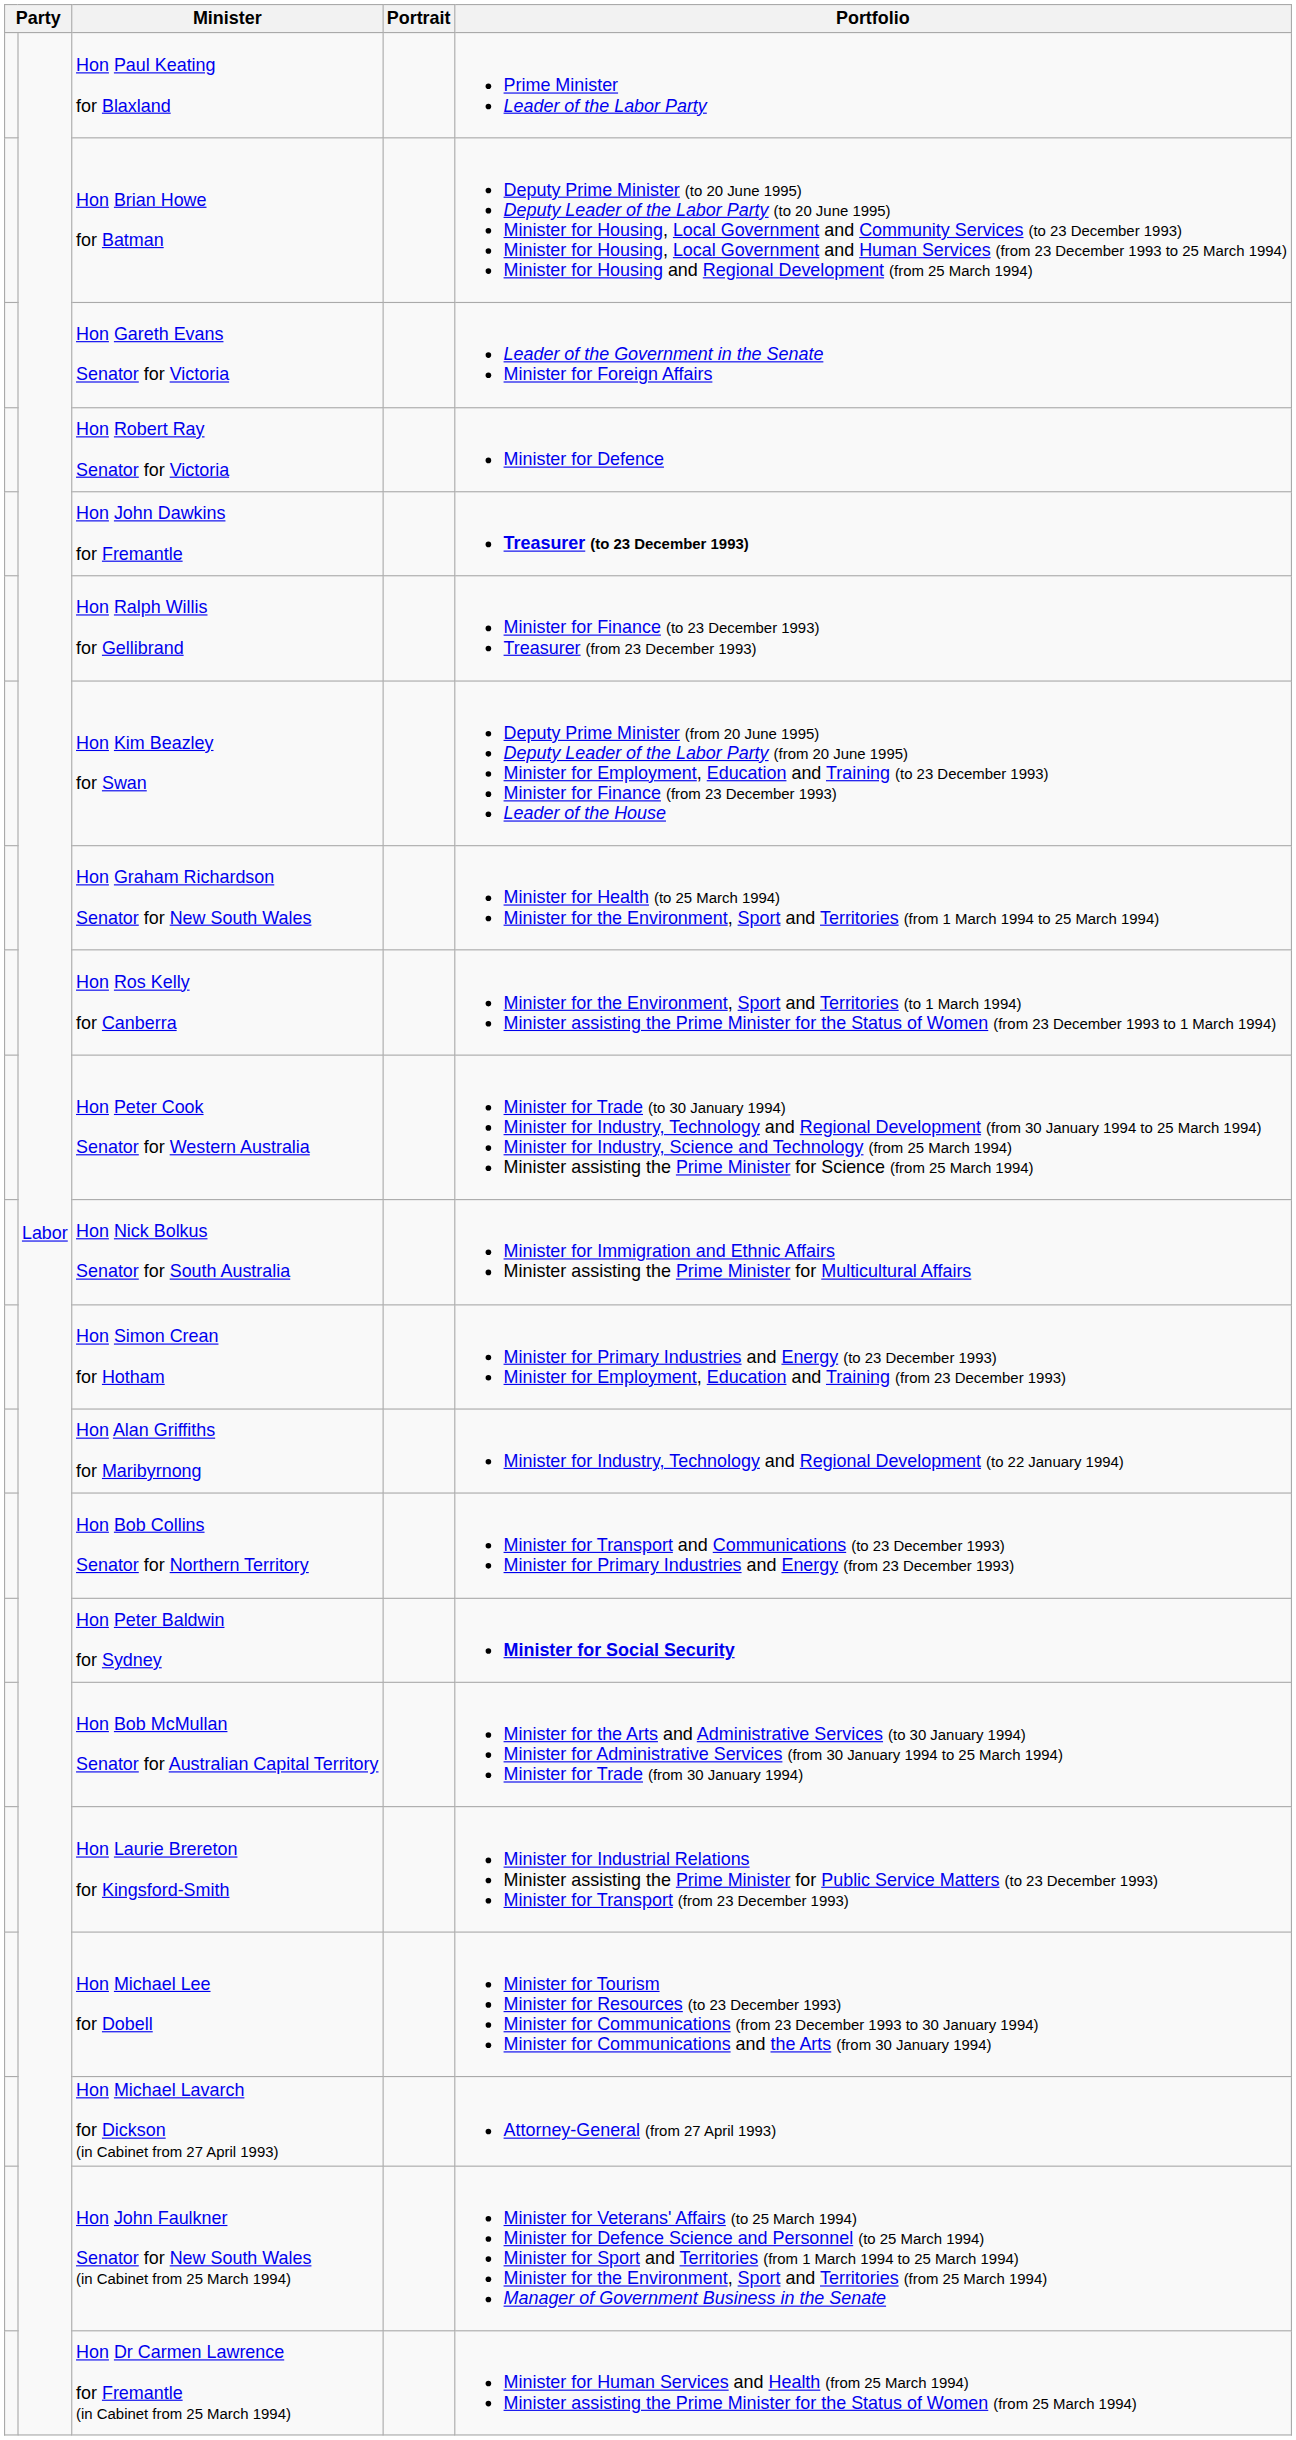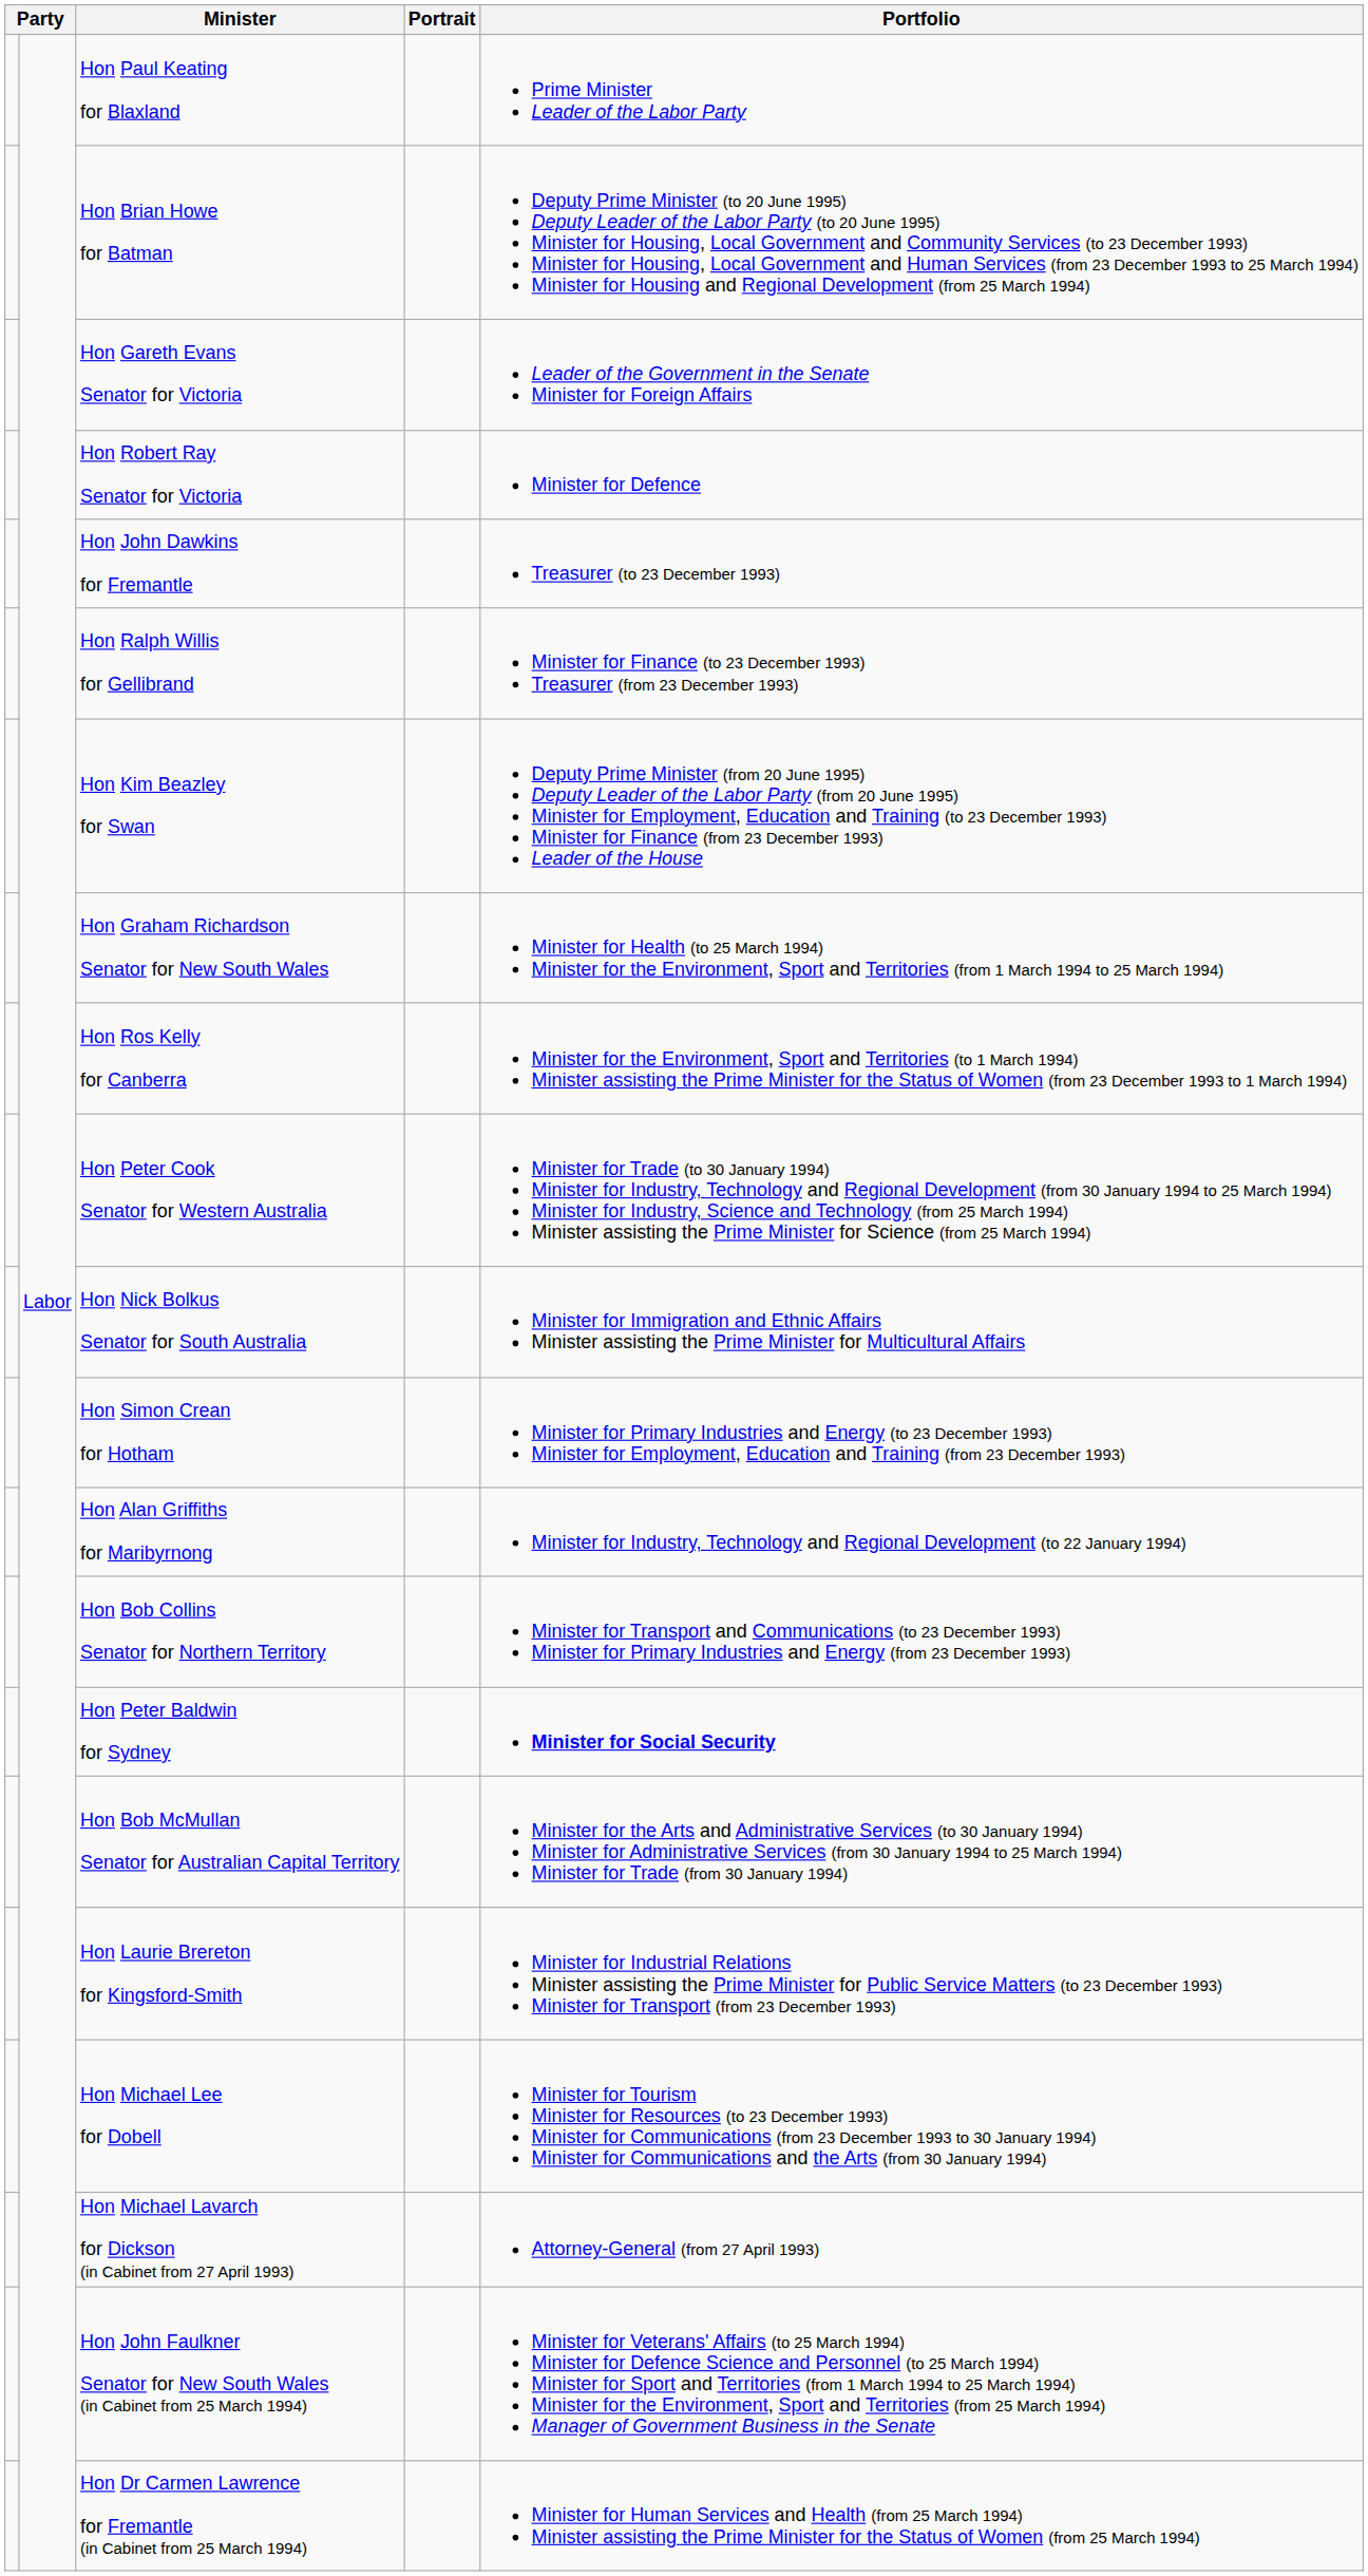 <table class="wikitable sortable">
 <tr>
 <th colspan="2">Party</th>
 <th>Minister</th>
 <th>Portrait</th>
 <th>Portfolio</th>
 </tr>
 <tr>
 <td> </td>
 <td rowspan=21><a href='#'>Labor</a></td>
 <td><a href='#'>Hon</a> <a href='#'>Paul Keating</a> <br><br> for <a href='#'>Blaxland</a> <br></td>
 <td></td>
 <td><br><ul><li><a href='#'>Prime Minister</a></li><li><em><a href='#'>Leader of the Labor Party</a></em></li></ul></td>
 </tr>
 <tr>
 <td> </td>
 <td><a href='#'>Hon</a> <a href='#'>Brian Howe</a> <br><br> for <a href='#'>Batman</a> <br></td>
 <td></td>
 <td><br><ul><li><a href='#'>Deputy Prime Minister</a> <small>(to 20 June 1995)</small></li><li><em><a href='#'>Deputy Leader of the Labor Party</a></em> <small>(to 20 June 1995)</small></li><li><a href='#'>Minister for Housing</a>, <a href='#'>Local Government</a> and <a href='#'>Community Services</a> <small>(to 23 December 1993)</small></li><li><a href='#'>Minister for Housing</a>, <a href='#'>Local Government</a> and <a href='#'>Human Services</a> <small>(from 23 December 1993 to 25 March 1994)</small></li><li><a href='#'>Minister for Housing</a> and <a href='#'>Regional Development</a> <small>(from 25 March 1994)</small></li></ul></td>
 </tr>
 <tr>
 <td> </td>
 <td><a href='#'>Hon</a> <a href='#'>Gareth Evans</a>  <br><br><a href='#'>Senator</a> for <a href='#'>Victoria</a> <br></td>
 <td></td>
 <td><br><ul><li><em><a href='#'>Leader of the Government in the Senate</a></em></li><li><a href='#'>Minister for Foreign Affairs</a></li></ul></td>
 </tr>
 <tr>
 <td> </td>
 <td><a href='#'>Hon</a> <a href='#'>Robert Ray</a> <br><br><a href='#'>Senator</a> for <a href='#'>Victoria</a> <br></td>
 <td></td>
 <td><br><ul><li><a href='#'>Minister for Defence</a></li></ul></td>
 </tr>
 <tr>
 <td> </td>
 <td><a href='#'>Hon</a> <a href='#'>John Dawkins</a> <br><br> for <a href='#'>Fremantle</a> <br></td>
 <td></td>
-<td><strong><br><ul><li><a href='#'>Treasurer</a> <small>(to 23 December 1993)</small></li></ul></strong></td>
+<td><br><ul><li><a href='#'>Treasurer</a> <small>(to 23 December 1993)</small></li></ul></td>
 </tr>
 <tr>
 <td> </td>
 <td><a href='#'>Hon</a> <a href='#'>Ralph Willis</a> <br><br> for <a href='#'>Gellibrand</a> <br></td>
 <td></td>
 <td><br><ul><li><a href='#'>Minister for Finance</a> <small>(to 23 December 1993)</small></li><li><a href='#'>Treasurer</a> <small>(from 23 December 1993)</small></li></ul></td>
 </tr>
 <tr>
 <td> </td>
 <td><a href='#'>Hon</a> <a href='#'>Kim Beazley</a> <br><br> for <a href='#'>Swan</a> <br></td>
 <td></td>
 <td><br><ul><li><a href='#'>Deputy Prime Minister</a> <small>(from 20 June 1995)</small></li><li><em><a href='#'>Deputy Leader of the Labor Party</a></em> <small>(from 20 June 1995)</small></li><li><a href='#'>Minister for Employment</a>, <a href='#'>Education</a> and <a href='#'>Training</a> <small>(to 23 December 1993)</small></li><li><a href='#'>Minister for Finance</a> <small>(from 23 December 1993)</small></li><li><em><a href='#'>Leader of the House</a></em></li></ul></td>
 </tr>
 <tr>
 <td> </td>
 <td><a href='#'>Hon</a> <a href='#'>Graham Richardson</a> <br><br><a href='#'>Senator</a> for <a href='#'>New South Wales</a> <br></td>
 <td></td>
 <td><br><ul><li><a href='#'>Minister for Health</a> <small>(to 25 March 1994)</small></li><li><a href='#'>Minister for the Environment</a>, <a href='#'>Sport</a> and <a href='#'>Territories</a> <small>(from 1 March 1994 to 25 March 1994)</small></li></ul></td>
 </tr>
 <tr>
 <td> </td>
 <td><a href='#'>Hon</a> <a href='#'>Ros Kelly</a> <br><br> for <a href='#'>Canberra</a> <br></td>
 <td></td>
 <td><br><ul><li><a href='#'>Minister for the Environment</a>, <a href='#'>Sport</a> and <a href='#'>Territories</a> <small>(to 1 March 1994)</small></li><li><a href='#'>Minister assisting the Prime Minister for the Status of Women</a> <small>(from 23 December 1993 to 1 March 1994)</small></li></ul></td>
 </tr>
 <tr>
 <td> </td>
 <td><a href='#'>Hon</a> <a href='#'>Peter Cook</a> <br><br><a href='#'>Senator</a> for <a href='#'>Western Australia</a> <br></td>
 <td></td>
 <td><br><ul><li><a href='#'>Minister for Trade</a> <small>(to 30 January 1994)</small></li><li><a href='#'>Minister for Industry, Technology</a> and <a href='#'>Regional Development</a> <small>(from 30 January 1994 to 25 March 1994)</small></li><li><a href='#'>Minister for Industry, Science and Technology</a> <small>(from 25 March 1994)</small></li><li>Minister assisting the <a href='#'>Prime Minister</a> for Science <small>(from 25 March 1994)</small></li></ul></td>
 </tr>
 <tr>
 <td> </td>
 <td><a href='#'>Hon</a> <a href='#'>Nick Bolkus</a> <br><br><a href='#'>Senator</a> for <a href='#'>South Australia</a> <br></td>
 <td></td>
 <td><br><ul><li><a href='#'>Minister for Immigration and Ethnic Affairs</a></li><li>Minister assisting the <a href='#'>Prime Minister</a> for <a href='#'>Multicultural Affairs</a></li></ul></td>
 </tr>
 <tr>
 <td> </td>
 <td><a href='#'>Hon</a> <a href='#'>Simon Crean</a> <br><br> for <a href='#'>Hotham</a> <br></td>
 <td></td>
 <td><br><ul><li><a href='#'>Minister for Primary Industries</a> and <a href='#'>Energy</a> <small>(to 23 December 1993)</small></li><li><a href='#'>Minister for Employment</a>, <a href='#'>Education</a> and <a href='#'>Training</a> <small>(from 23 December 1993)</small></li></ul></td>
 </tr>
 <tr>
 <td> </td>
 <td><a href='#'>Hon</a> <a href='#'>Alan Griffiths</a> <br><br> for <a href='#'>Maribyrnong</a> <br></td>
 <td></td>
 <td><br><ul><li><a href='#'>Minister for Industry, Technology</a> and <a href='#'>Regional Development</a> <small>(to 22 January 1994)</small></li></ul></td>
 </tr>
 <tr>
 <td> </td>
 <td><a href='#'>Hon</a> <a href='#'>Bob Collins</a> <br><br><a href='#'>Senator</a> for <a href='#'>Northern Territory</a> <br></td>
 <td></td>
 <td><br><ul><li><a href='#'>Minister for Transport</a> and <a href='#'>Communications</a> <small>(to 23 December 1993)</small></li><li><a href='#'>Minister for Primary Industries</a> and <a href='#'>Energy</a> <small>(from 23 December 1993)</small></li></ul></td>
 </tr>
 <tr>
 <td> </td>
 <td><a href='#'>Hon</a> <a href='#'>Peter Baldwin</a> <br><br> for <a href='#'>Sydney</a> <br></td>
 <td></td>
 <td><strong><br><ul><li><a href='#'>Minister for Social Security</a></li></ul></strong></td>
 </tr>
 <tr>
 <td> </td>
 <td><a href='#'>Hon</a> <a href='#'>Bob McMullan</a> <br><br><a href='#'>Senator</a> for <a href='#'>Australian Capital Territory</a> <br></td>
 <td></td>
 <td><br><ul><li><a href='#'>Minister for the Arts</a> and <a href='#'>Administrative Services</a> <small>(to 30 January 1994)</small></li><li><a href='#'>Minister for Administrative Services</a> <small>(from 30 January 1994 to 25 March 1994)</small></li><li><a href='#'>Minister for Trade</a> <small>(from 30 January 1994)</small></li></ul></td>
 </tr>
 <tr>
 <td> </td>
 <td><a href='#'>Hon</a> <a href='#'>Laurie Brereton</a> <br><br> for <a href='#'>Kingsford-Smith</a> <br></td>
 <td></td>
 <td><br><ul><li><a href='#'>Minister for Industrial Relations</a></li><li>Minister assisting the <a href='#'>Prime Minister</a> for <a href='#'>Public Service Matters</a> <small>(to 23 December 1993)</small></li><li><a href='#'>Minister for Transport</a> <small>(from 23 December 1993)</small></li></ul></td>
 </tr>
 <tr>
 <td> </td>
 <td><a href='#'>Hon</a> <a href='#'>Michael Lee</a> <br><br> for <a href='#'>Dobell</a> <br></td>
 <td></td>
 <td><br><ul><li><a href='#'>Minister for Tourism</a></li><li><a href='#'>Minister for Resources</a> <small>(to 23 December 1993)</small></li><li><a href='#'>Minister for Communications</a> <small>(from 23 December 1993 to 30 January 1994)</small></li><li><a href='#'>Minister for Communications</a> and <a href='#'>the Arts</a> <small>(from 30 January 1994)</small></li></ul></td>
 </tr>
 <tr>
 <td> </td>
 <td><a href='#'>Hon</a> <a href='#'>Michael Lavarch</a> <br><br> for <a href='#'>Dickson</a> <br> <small>(in Cabinet from 27 April 1993)</small></td>
 <td></td>
 <td><br><ul><li><a href='#'>Attorney-General</a> <small>(from 27 April 1993)</small></li></ul></td>
 </tr>
 <tr>
 <td> </td>
 <td><a href='#'>Hon</a> <a href='#'>John Faulkner</a> <br><br><a href='#'>Senator</a> for <a href='#'>New South Wales</a> <br> <small>(in Cabinet from 25 March 1994)</small></td>
 <td></td>
 <td><br><ul><li><a href='#'>Minister for Veterans' Affairs</a> <small>(to 25 March 1994)</small></li><li><a href='#'>Minister for Defence Science and Personnel</a> <small>(to 25 March 1994)</small></li><li><a href='#'>Minister for Sport</a> and <a href='#'>Territories</a> <small>(from 1 March 1994 to 25 March 1994)</small></li><li><a href='#'>Minister for the Environment</a>, <a href='#'>Sport</a> and <a href='#'>Territories</a> <small>(from 25 March 1994)</small></li><li><em><a href='#'>Manager of Government Business in the Senate</a></em></li></ul></td>
 </tr>
 <tr>
 <td> </td>
 <td><a href='#'>Hon</a> <a href='#'>Dr Carmen Lawrence</a> <br><br> for <a href='#'>Fremantle</a> <br> <small>(in Cabinet from 25 March 1994)</small></td>
 <td></td>
 <td><br><ul><li><a href='#'>Minister for Human Services</a> and <a href='#'>Health</a> <small>(from 25 March 1994)</small></li><li><a href='#'>Minister assisting the Prime Minister for the Status of Women</a> <small>(from 25 March 1994)</small></li></ul></td>
 </tr>
 </table>
